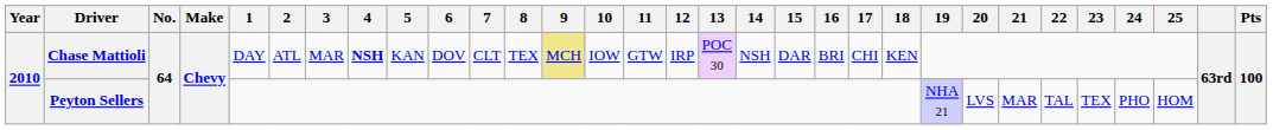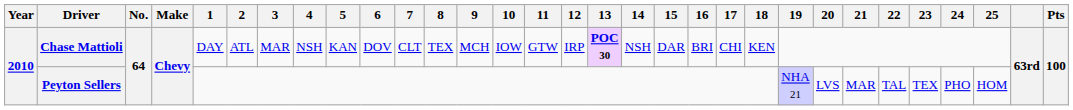 <table class="wikitable" style="text-align:center; font-size:75%">
 <tr>
 <th>Year</th>
 <th>Driver</th>
 <th>No.</th>
 <th>Make</th>
 <th>1</th>
 <th>2</th>
 <th>3</th>
 <th>4</th>
 <th>5</th>
 <th>6</th>
 <th>7</th>
 <th>8</th>
 <th>9</th>
 <th>10</th>
 <th>11</th>
 <th>12</th>
 <th>13</th>
 <th>14</th>
 <th>15</th>
 <th>16</th>
 <th>17</th>
 <th>18</th>
 <th>19</th>
 <th>20</th>
 <th>21</th>
 <th>22</th>
 <th>23</th>
 <th>24</th>
 <th>25</th>
 <th></th>
 <th>Pts</th>
 </tr>
 <tr>
 <th rowspan=2><a href='#'>2010</a></th>
 <th><a href='#'>Chase Mattioli</a></th>
 <th rowspan=2>64</th>
 <th rowspan=2><a href='#'>Chevy</a></th>
 <td><a href='#'>DAY</a></td>
 <td><a href='#'>ATL</a></td>
 <td><a href='#'>MAR</a></td>
-<td><strong><a href='#'>NSH</a></strong></td>
+<td><a href='#'>NSH</a></td>
 <td><a href='#'>KAN</a></td>
 <td><a href='#'>DOV</a></td>
 <td><a href='#'>CLT</a></td>
 <td><a href='#'>TEX</a></td>
-<td style="background: khaki;"><a href='#'>MCH</a></td>
+<td><a href='#'>MCH</a></td>
 <td><a href='#'>IOW</a></td>
 <td><a href='#'>GTW</a></td>
 <td><a href='#'>IRP</a></td>
-<td style="background:#EFCFFF;"><a href='#'>POC</a><br><small>30</small></td>
+<td style="background:#EFCFFF;"><strong><a href='#'>POC</a><br><small>30</small></strong></td>
 <td><a href='#'>NSH</a></td>
 <td><a href='#'>DAR</a></td>
 <td><a href='#'>BRI</a></td>
 <td><a href='#'>CHI</a></td>
 <td><a href='#'>KEN</a></td>
 <td colspan=7></td>
 <th rowspan=2>63rd</th>
 <th rowspan=2>100</th>
 </tr>
 <tr>
 <th><a href='#'>Peyton Sellers</a></th>
 <td colspan=18></td>
 <td style="background:#CFCFFF;"><a href='#'>NHA</a><br><small>21</small></td>
 <td><a href='#'>LVS</a></td>
 <td><a href='#'>MAR</a></td>
 <td><a href='#'>TAL</a></td>
 <td><a href='#'>TEX</a></td>
 <td><a href='#'>PHO</a></td>
 <td><a href='#'>HOM</a></td>
 </tr>
 </table>
